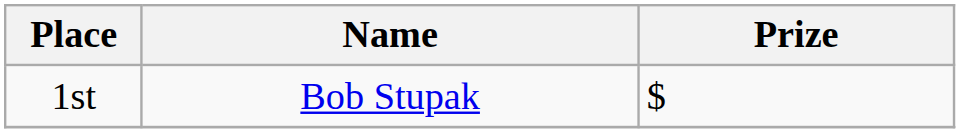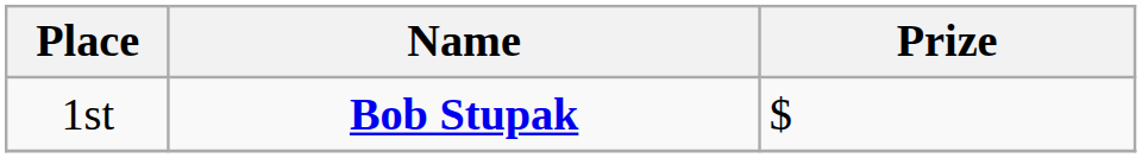 <table class="wikitable">
 <tr>
 <th width="50">Place</th>
 <th width="200">Name</th>
 <th width="125">Prize</th>
 </tr>
 <tr>
 <td align = "center">1st</td>
-<td align = "center"><a href='#'>Bob Stupak</a></td>
+<td align = "center"><strong><a href='#'>Bob Stupak</a></strong></td>
 <td>$</td>
 </tr>
 <tr>
 </tr>
 </table>
